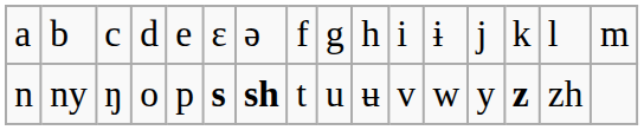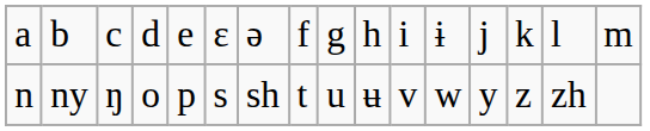 <table class="wikitable">
 <tr>
 <td>a</td>
 <td>b</td>
 <td>c</td>
 <td>d</td>
 <td>e</td>
 <td>ɛ</td>
 <td>ə</td>
 <td>f</td>
 <td>g</td>
 <td>h</td>
 <td>i</td>
 <td>ɨ</td>
 <td>j</td>
 <td>k</td>
 <td>l</td>
 <td>m</td>
 </tr>
 <tr>
 <td>n</td>
 <td>ny</td>
 <td>ŋ</td>
 <td>o</td>
 <td>p</td>
-<td><strong>s</strong></td>
-<td><strong>sh</strong></td>
+<td>s</td>
+<td>sh</td>
 <td>t</td>
 <td>u</td>
 <td>ʉ</td>
 <td>v</td>
 <td>w</td>
 <td>y</td>
-<td><strong>z</strong></td>
+<td>z</td>
 <td>zh</td>
 </tr>
 </table>
